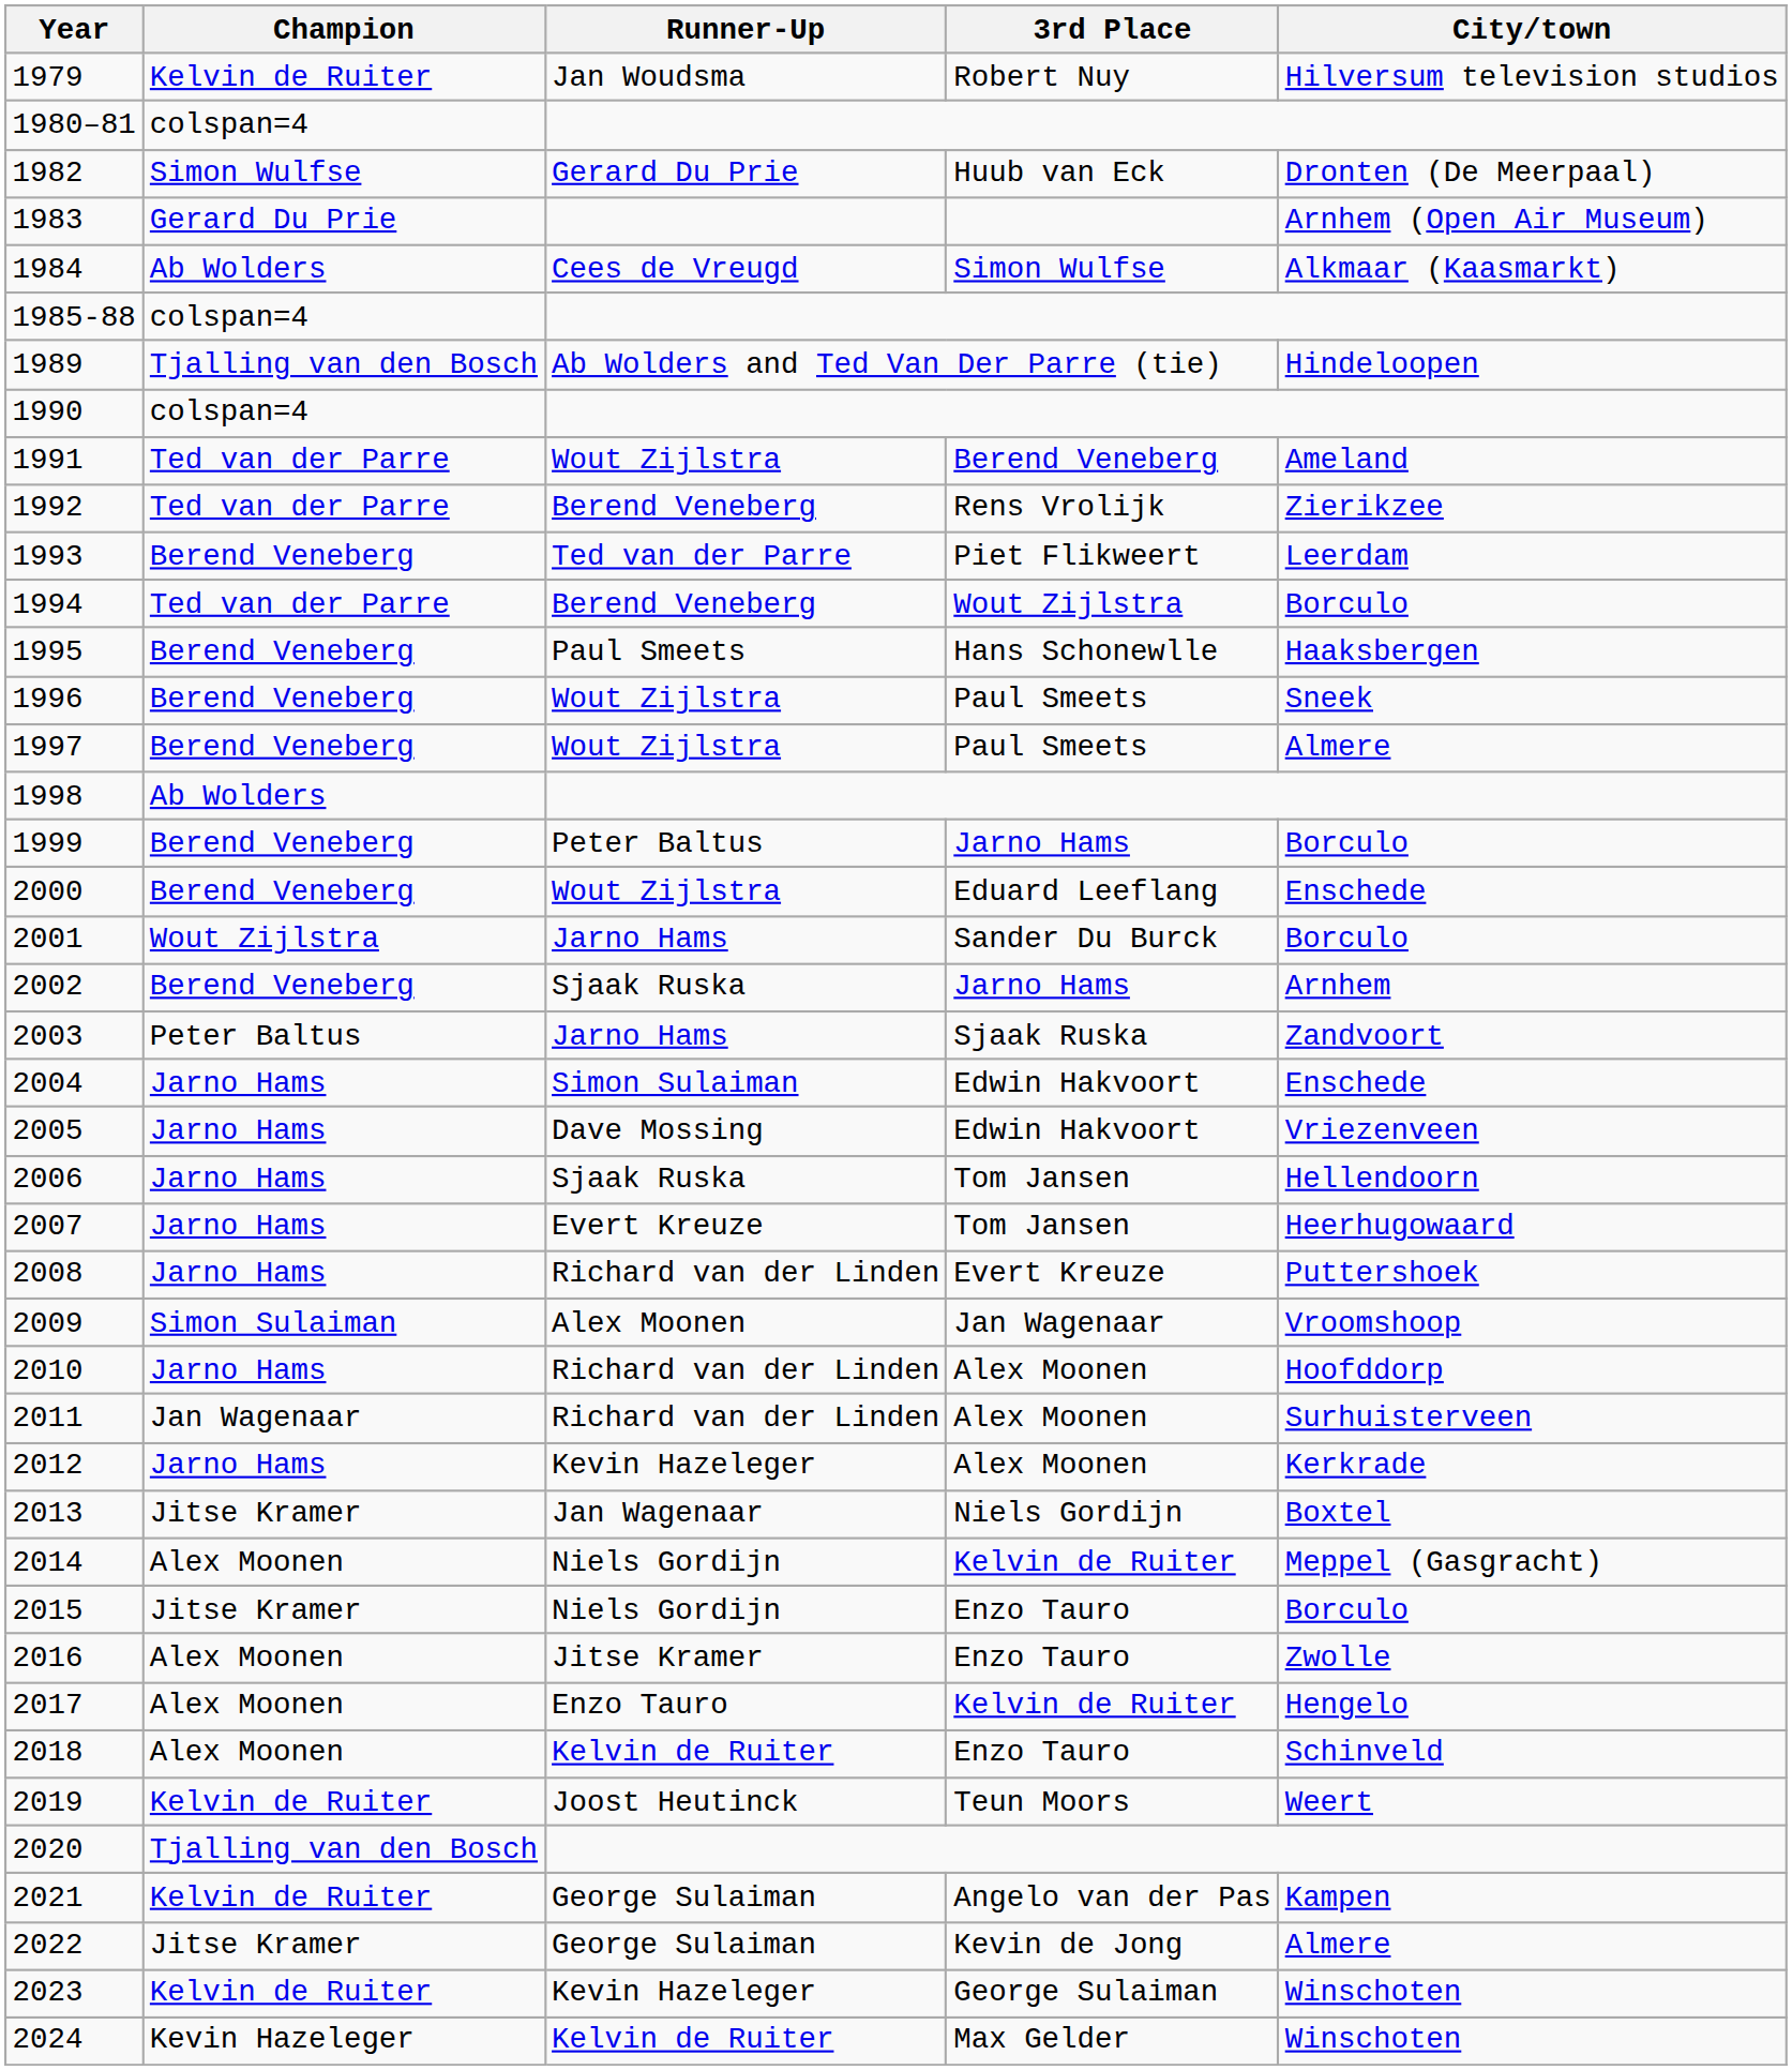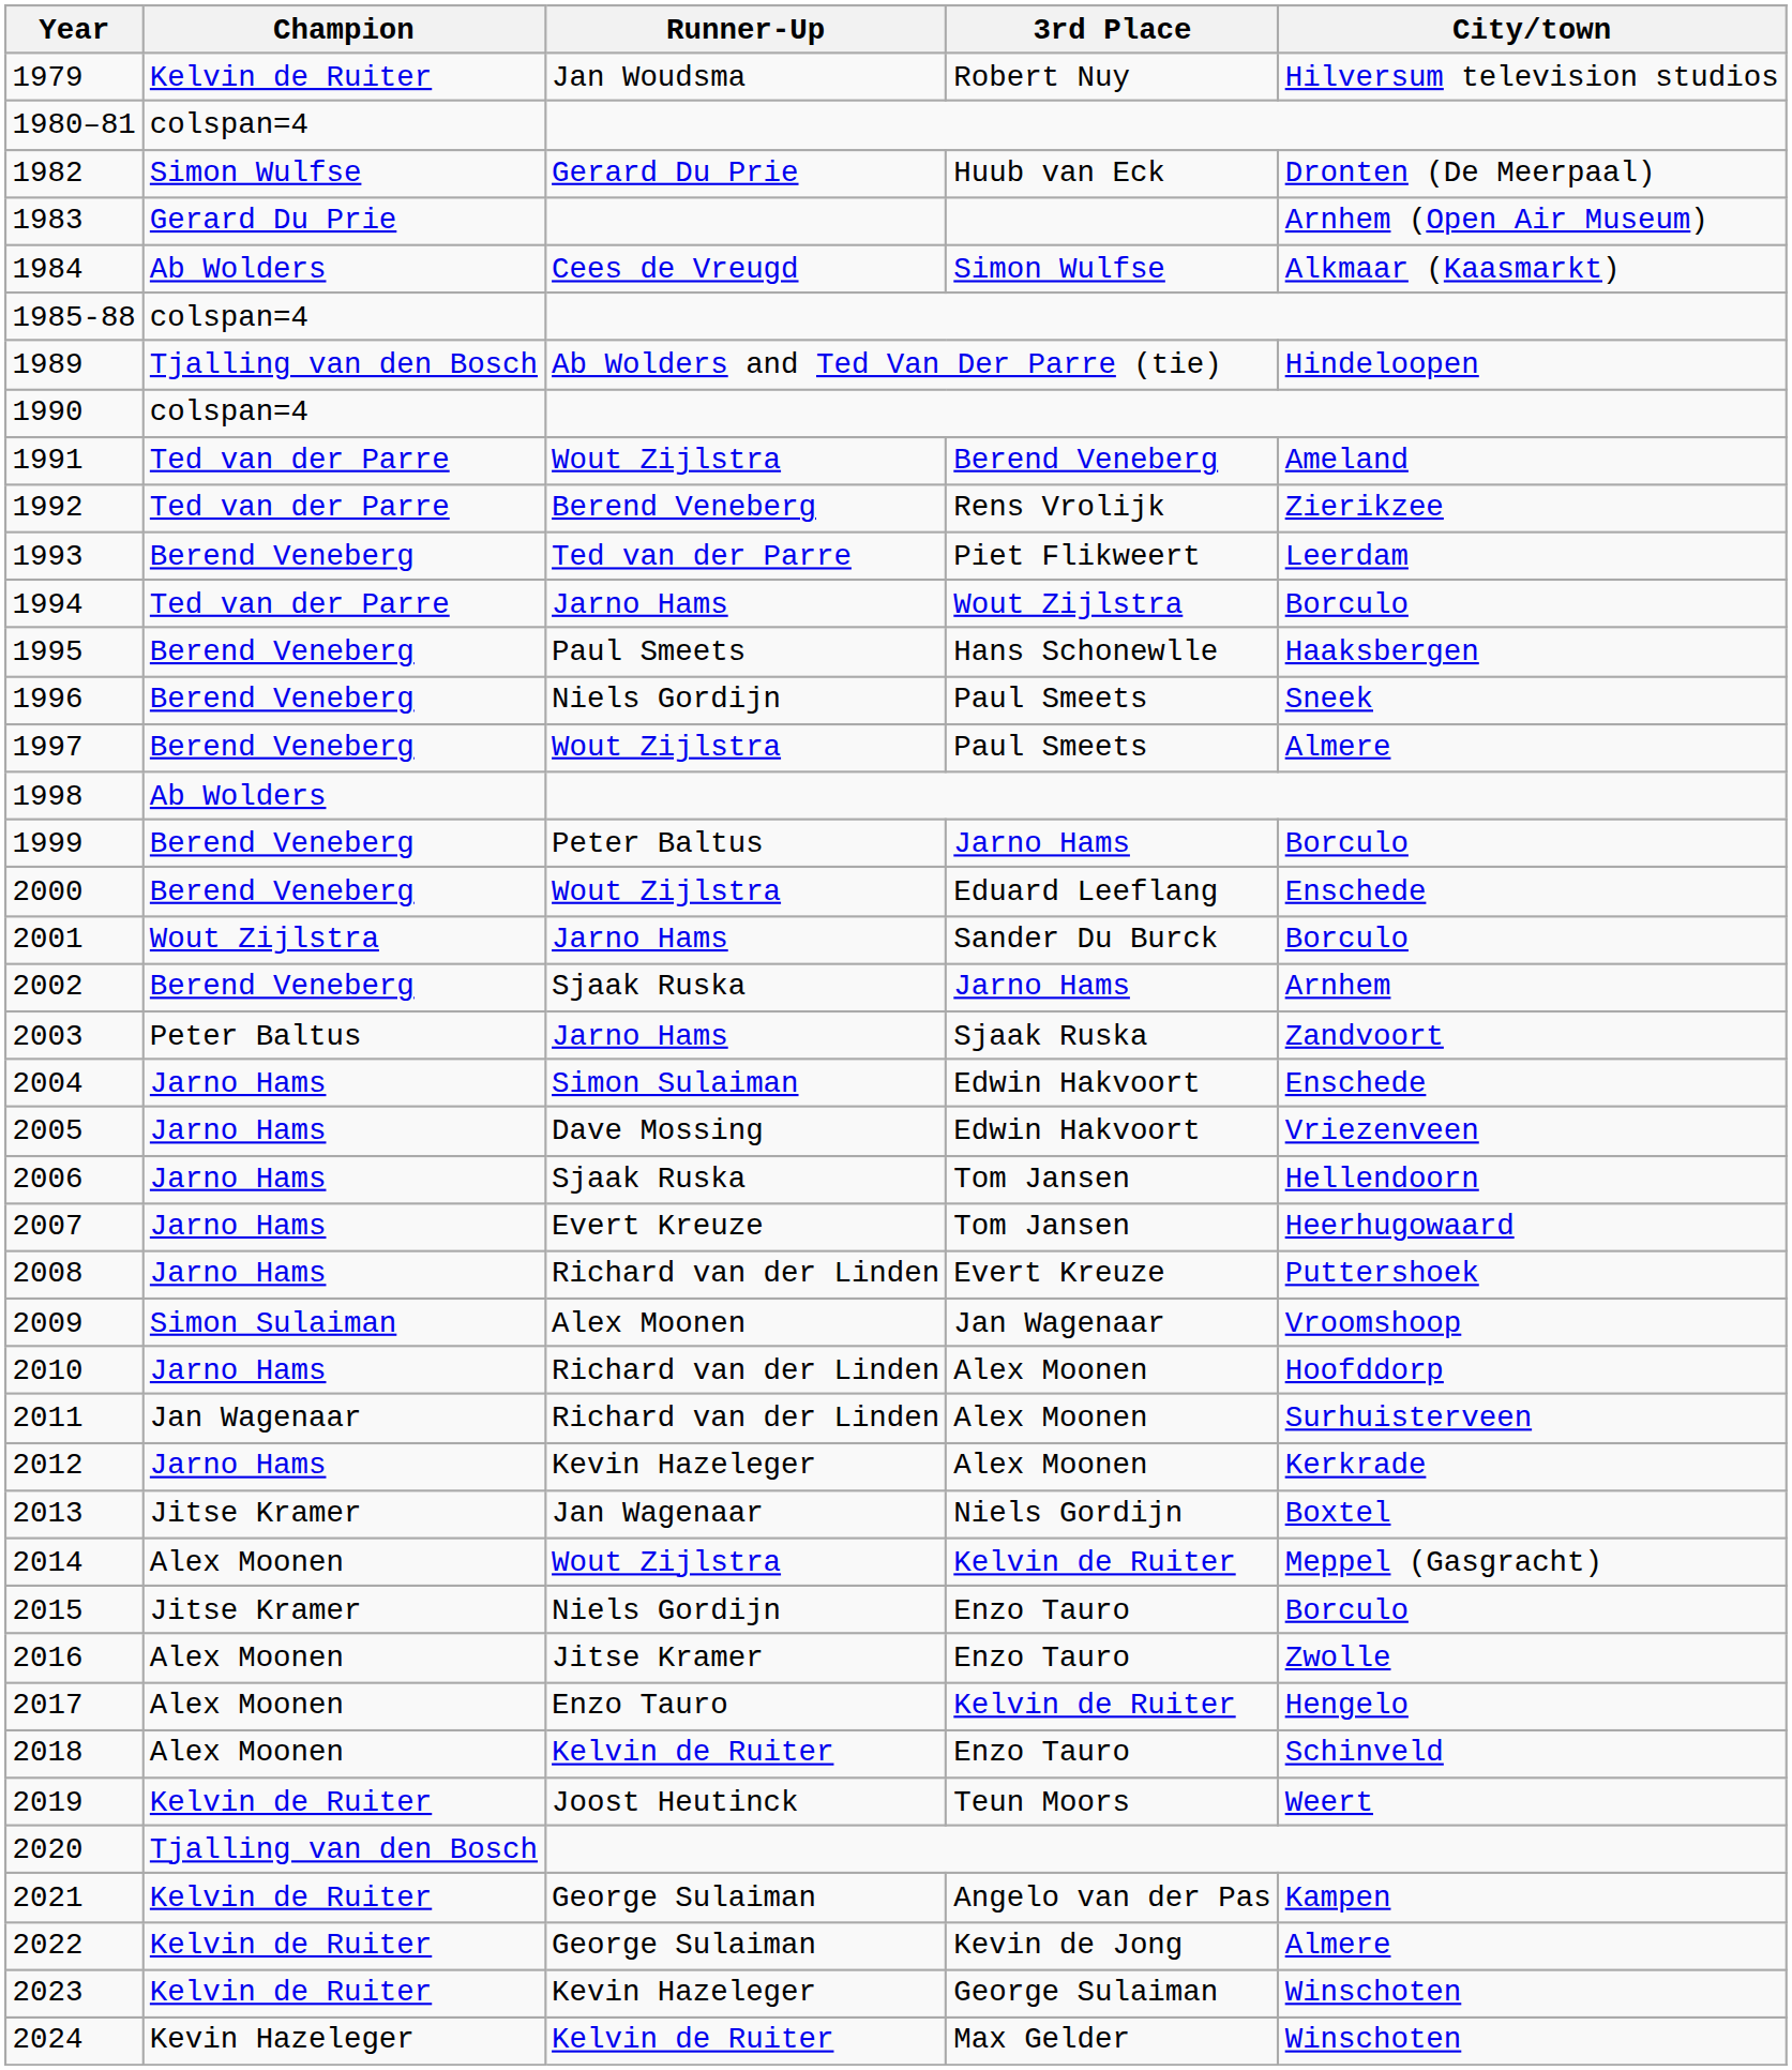 <table class="wikitable">
 <tr>
 <th>Year</th>
 <th>Champion</th>
 <th>Runner-Up</th>
 <th>3rd Place</th>
 <th>City/town</th>
 </tr>
 <tr>
 <td>1979</td>
 <td> <a href='#'>Kelvin de Ruiter</a></td>
 <td> Jan Woudsma</td>
 <td> Robert Nuy</td>
 <td><a href='#'>Hilversum</a> television studios</td>
 </tr>
 <tr>
 <td>1980–81</td>
 <td>colspan=4 </td>
 </tr>
 <tr>
 <td>1982</td>
 <td> <a href='#'>Simon Wulfse</a></td>
 <td> <a href='#'>Gerard Du Prie</a></td>
 <td> Huub van Eck</td>
 <td><a href='#'>Dronten</a> (De Meerpaal)</td>
 </tr>
 <tr>
 <td>1983</td>
 <td> <a href='#'>Gerard Du Prie</a></td>
 <td></td>
 <td></td>
 <td><a href='#'>Arnhem</a> (<a href='#'>Open Air Museum</a>)</td>
 </tr>
 <tr>
 <td>1984</td>
 <td> <a href='#'>Ab Wolders</a></td>
 <td> <a href='#'>Cees de Vreugd</a></td>
 <td> <a href='#'>Simon Wulfse</a></td>
 <td><a href='#'>Alkmaar</a> (<a href='#'>Kaasmarkt</a>)</td>
 </tr>
 <tr>
 <td>1985-88</td>
 <td>colspan=4 </td>
 </tr>
 <tr>
 <td>1989</td>
 <td> <a href='#'>Tjalling van den Bosch</a></td>
 <td colspan=2> <a href='#'>Ab Wolders</a> and  <a href='#'>Ted Van Der Parre</a> (tie)</td>
 <td><a href='#'>Hindeloopen</a></td>
 </tr>
 <tr>
 <td>1990</td>
 <td>colspan=4 </td>
 </tr>
 <tr>
 <td>1991</td>
 <td> <a href='#'>Ted van der Parre</a></td>
 <td> <a href='#'>Wout Zijlstra</a></td>
 <td> <a href='#'>Berend Veneberg</a></td>
 <td><a href='#'>Ameland</a></td>
 </tr>
 <tr>
 <td>1992</td>
 <td> <a href='#'>Ted van der Parre</a></td>
 <td> <a href='#'>Berend Veneberg</a></td>
 <td> Rens Vrolijk</td>
 <td><a href='#'>Zierikzee</a></td>
 </tr>
 <tr>
 <td>1993</td>
 <td> <a href='#'>Berend Veneberg</a></td>
 <td> <a href='#'>Ted van der Parre</a></td>
 <td> Piet Flikweert</td>
 <td><a href='#'>Leerdam</a></td>
 </tr>
 <tr>
 <td>1994</td>
 <td> <a href='#'>Ted van der Parre</a></td>
-<td> <a href='#'>Berend Veneberg</a></td>
+<td> <a href='#'>Jarno Hams</a></td>
 <td> <a href='#'>Wout Zijlstra</a></td>
 <td><a href='#'>Borculo</a></td>
 </tr>
 <tr>
 <td>1995</td>
 <td> <a href='#'>Berend Veneberg</a></td>
 <td> Paul Smeets</td>
 <td> Hans Schonewlle</td>
 <td><a href='#'>Haaksbergen</a></td>
 </tr>
 <tr>
 <td>1996</td>
 <td> <a href='#'>Berend Veneberg</a></td>
-<td> <a href='#'>Wout Zijlstra</a></td>
+<td> Niels Gordijn</td>
 <td> Paul Smeets</td>
 <td><a href='#'>Sneek</a></td>
 </tr>
 <tr>
 <td>1997</td>
 <td> <a href='#'>Berend Veneberg</a></td>
 <td> <a href='#'>Wout Zijlstra</a></td>
 <td> Paul Smeets</td>
 <td><a href='#'>Almere</a></td>
 </tr>
 <tr>
 <td>1998</td>
 <td> <a href='#'>Ab Wolders</a></td>
 </tr>
 <tr>
 <td>1999</td>
 <td> <a href='#'>Berend Veneberg</a></td>
 <td> Peter Baltus</td>
 <td> <a href='#'>Jarno Hams</a></td>
 <td><a href='#'>Borculo</a></td>
 </tr>
 <tr>
 <td>2000</td>
 <td> <a href='#'>Berend Veneberg</a></td>
 <td> <a href='#'>Wout Zijlstra</a></td>
 <td> Eduard Leeflang</td>
 <td><a href='#'>Enschede</a></td>
 </tr>
 <tr>
 <td>2001</td>
 <td> <a href='#'>Wout Zijlstra</a></td>
 <td> <a href='#'>Jarno Hams</a></td>
 <td> Sander Du Burck</td>
 <td><a href='#'>Borculo</a></td>
 </tr>
 <tr>
 <td>2002</td>
 <td> <a href='#'>Berend Veneberg</a></td>
 <td> Sjaak Ruska</td>
 <td> <a href='#'>Jarno Hams</a></td>
 <td><a href='#'>Arnhem</a></td>
 </tr>
 <tr>
 <td>2003</td>
 <td> Peter Baltus</td>
 <td> <a href='#'>Jarno Hams</a></td>
 <td> Sjaak Ruska</td>
 <td><a href='#'>Zandvoort</a></td>
 </tr>
 <tr>
 <td>2004</td>
 <td> <a href='#'>Jarno Hams</a></td>
 <td> <a href='#'>Simon Sulaiman</a></td>
 <td> Edwin Hakvoort</td>
 <td><a href='#'>Enschede</a></td>
 </tr>
 <tr>
 <td>2005</td>
 <td> <a href='#'>Jarno Hams</a></td>
 <td> Dave Mossing</td>
 <td> Edwin Hakvoort</td>
 <td><a href='#'>Vriezenveen</a></td>
 </tr>
 <tr>
 <td>2006</td>
 <td> <a href='#'>Jarno Hams</a></td>
 <td> Sjaak Ruska</td>
 <td> Tom Jansen</td>
 <td><a href='#'>Hellendoorn</a></td>
 </tr>
 <tr>
 <td>2007</td>
 <td> <a href='#'>Jarno Hams</a></td>
 <td> Evert Kreuze</td>
 <td> Tom Jansen</td>
 <td><a href='#'>Heerhugowaard</a></td>
 </tr>
 <tr>
 <td>2008</td>
 <td> <a href='#'>Jarno Hams</a></td>
 <td> Richard van der Linden</td>
 <td> Evert Kreuze</td>
 <td><a href='#'>Puttershoek</a></td>
 </tr>
 <tr>
 <td>2009</td>
 <td> <a href='#'>Simon Sulaiman</a></td>
 <td> Alex Moonen</td>
 <td> Jan Wagenaar</td>
 <td><a href='#'>Vroomshoop</a></td>
 </tr>
 <tr>
 <td>2010</td>
 <td> <a href='#'>Jarno Hams</a></td>
 <td> Richard van der Linden</td>
 <td> Alex Moonen</td>
 <td><a href='#'>Hoofddorp</a></td>
 </tr>
 <tr>
 <td>2011</td>
 <td> Jan Wagenaar</td>
 <td> Richard van der Linden</td>
 <td> Alex Moonen</td>
 <td><a href='#'>Surhuisterveen</a></td>
 </tr>
 <tr>
 <td>2012</td>
 <td> <a href='#'>Jarno Hams</a></td>
 <td> Kevin Hazeleger</td>
 <td> Alex Moonen</td>
 <td><a href='#'>Kerkrade</a></td>
 </tr>
 <tr>
 <td>2013</td>
 <td> Jitse Kramer</td>
 <td> Jan Wagenaar</td>
 <td> Niels Gordijn</td>
 <td><a href='#'>Boxtel</a></td>
 </tr>
 <tr>
 <td>2014</td>
 <td> Alex Moonen</td>
-<td> Niels Gordijn</td>
+<td> <a href='#'>Wout Zijlstra</a></td>
 <td> <a href='#'>Kelvin de Ruiter</a></td>
 <td><a href='#'>Meppel</a> (Gasgracht)</td>
 </tr>
 <tr>
 <td>2015</td>
 <td> Jitse Kramer</td>
 <td> Niels Gordijn</td>
 <td> Enzo Tauro</td>
 <td><a href='#'>Borculo</a></td>
 </tr>
 <tr>
 <td>2016</td>
 <td> Alex Moonen</td>
 <td> Jitse Kramer</td>
 <td> Enzo Tauro</td>
 <td><a href='#'>Zwolle</a></td>
 </tr>
 <tr>
 <td>2017</td>
 <td> Alex Moonen</td>
 <td> Enzo Tauro</td>
 <td> <a href='#'>Kelvin de Ruiter</a></td>
 <td><a href='#'>Hengelo</a></td>
 </tr>
 <tr>
 <td>2018</td>
 <td> Alex Moonen</td>
 <td> <a href='#'>Kelvin de Ruiter</a></td>
 <td> Enzo Tauro</td>
 <td><a href='#'>Schinveld</a></td>
 </tr>
 <tr>
 <td>2019</td>
 <td> <a href='#'>Kelvin de Ruiter</a></td>
 <td> Joost Heutinck</td>
 <td> Teun Moors</td>
 <td><a href='#'>Weert</a></td>
 </tr>
 <tr>
 <td>2020</td>
 <td> <a href='#'>Tjalling van den Bosch</a></td>
 </tr>
 <tr>
 <td>2021</td>
 <td> <a href='#'>Kelvin de Ruiter</a></td>
 <td> George Sulaiman</td>
 <td> Angelo van der Pas</td>
 <td><a href='#'>Kampen</a></td>
 </tr>
 <tr>
 <td>2022</td>
-<td> Jitse Kramer</td>
+<td> <a href='#'>Kelvin de Ruiter</a></td>
 <td> George Sulaiman</td>
 <td> Kevin de Jong</td>
 <td><a href='#'>Almere</a></td>
 </tr>
 <tr>
 <td>2023</td>
 <td> <a href='#'>Kelvin de Ruiter</a></td>
 <td> Kevin Hazeleger</td>
 <td> George Sulaiman</td>
 <td><a href='#'>Winschoten</a></td>
 </tr>
 <tr>
 <td>2024</td>
 <td> Kevin Hazeleger</td>
 <td> <a href='#'>Kelvin de Ruiter</a></td>
 <td> Max Gelder</td>
 <td><a href='#'>Winschoten</a></td>
 </tr>
 </table>
